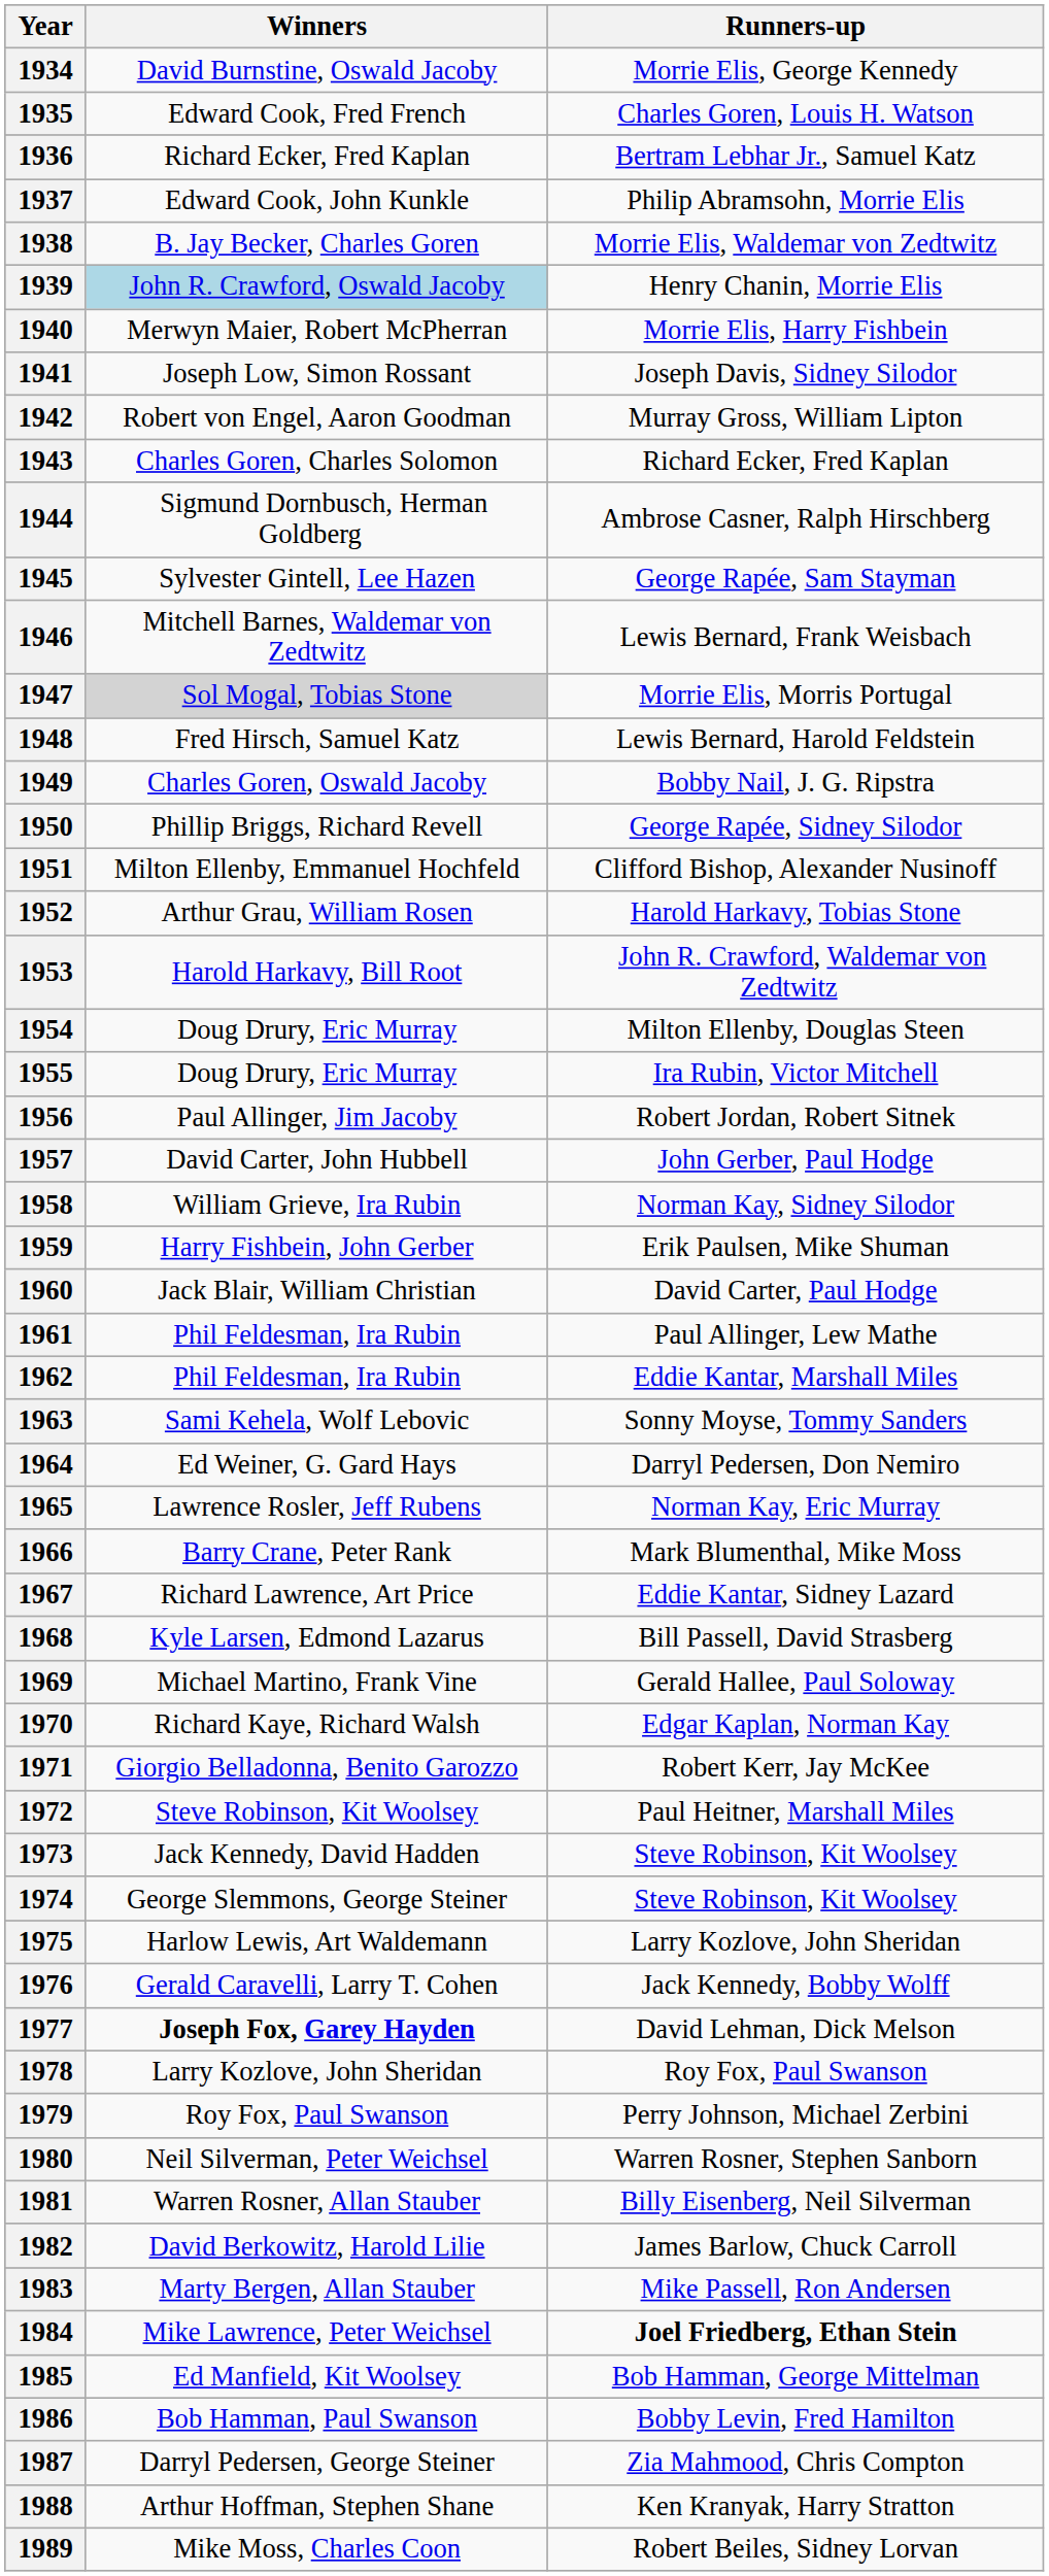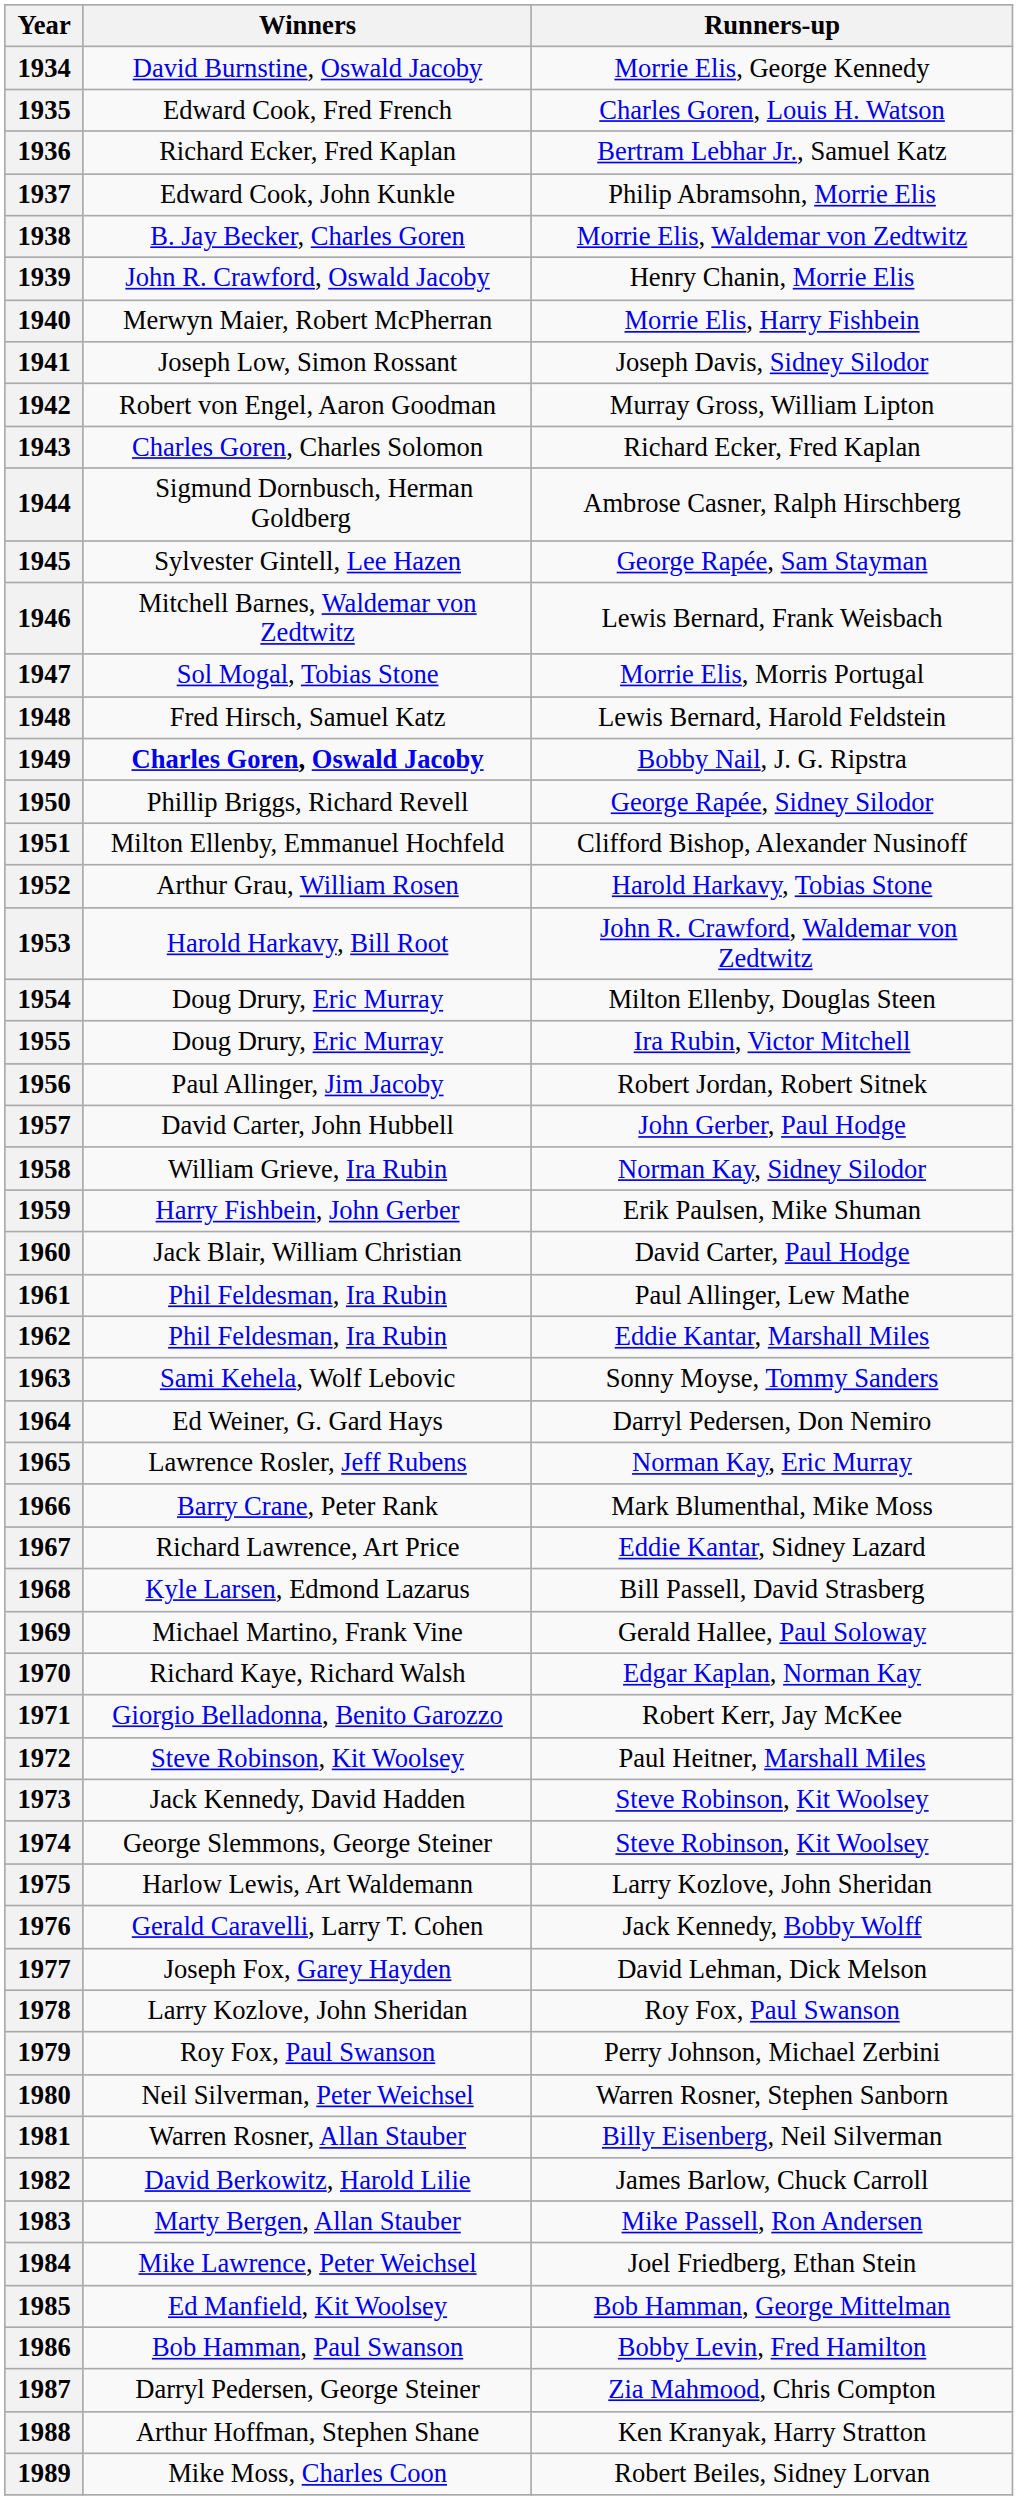 <table class="sortable wikitable" style="text-align:center">
 <tr>
 <th>Year</th>
 <th>Winners</th>
 <th>Runners-up</th>
 </tr>
 <tr>
 <th> 1934 </th>
 <td><a href='#'>David Burnstine</a>, <a href='#'>Oswald Jacoby</a></td>
 <td><a href='#'>Morrie Elis</a>, George Kennedy</td>
 </tr>
 <tr>
 <th>1935</th>
 <td>Edward Cook, Fred French</td>
 <td><a href='#'>Charles Goren</a>, <a href='#'>Louis H. Watson</a></td>
 </tr>
 <tr>
 <th>1936</th>
 <td>Richard Ecker, Fred Kaplan</td>
 <td><a href='#'>Bertram Lebhar Jr.</a>, Samuel Katz</td>
 </tr>
 <tr>
 <th>1937</th>
 <td>Edward Cook, John Kunkle</td>
 <td>Philip Abramsohn, <a href='#'>Morrie Elis</a></td>
 </tr>
 <tr>
 <th>1938</th>
 <td><a href='#'>B. Jay Becker</a>, <a href='#'>Charles Goren</a></td>
 <td><a href='#'>Morrie Elis</a>, <a href='#'>Waldemar von Zedtwitz</a></td>
 </tr>
 <tr>
 <th>1939</th>
-<td style="background: lightblue;"><a href='#'>John R. Crawford</a>, <a href='#'>Oswald Jacoby</a></td>
+<td><a href='#'>John R. Crawford</a>, <a href='#'>Oswald Jacoby</a></td>
 <td>Henry Chanin, <a href='#'>Morrie Elis</a></td>
 </tr>
 <tr>
 <th>1940</th>
 <td>Merwyn Maier, Robert McPherran</td>
 <td><a href='#'>Morrie Elis</a>, <a href='#'>Harry Fishbein</a></td>
 </tr>
 <tr>
 <th>1941</th>
 <td>Joseph Low, Simon Rossant</td>
 <td>Joseph Davis, <a href='#'>Sidney Silodor</a></td>
 </tr>
 <tr>
 <th>1942</th>
 <td>Robert von Engel, Aaron Goodman</td>
 <td>Murray Gross, William Lipton</td>
 </tr>
 <tr>
 <th>1943</th>
 <td><a href='#'>Charles Goren</a>, Charles Solomon</td>
 <td>Richard Ecker, Fred Kaplan</td>
 </tr>
 <tr>
 <th>1944</th>
 <td>  Sigmund Dornbusch, Herman Goldberg  </td>
 <td>Ambrose Casner, Ralph Hirschberg</td>
 </tr>
 <tr>
 <th>1945</th>
 <td>Sylvester Gintell, <a href='#'>Lee Hazen</a></td>
 <td><a href='#'>George Rapée</a>, <a href='#'>Sam Stayman</a></td>
 </tr>
 <tr>
 <th>1946</th>
 <td>Mitchell Barnes, <a href='#'>Waldemar von Zedtwitz</a></td>
 <td>Lewis Bernard, Frank Weisbach</td>
 </tr>
 <tr>
 <th>1947</th>
-<td style="background: lightgrey;"><a href='#'>Sol Mogal</a>, <a href='#'>Tobias Stone</a></td>
+<td><a href='#'>Sol Mogal</a>, <a href='#'>Tobias Stone</a></td>
 <td><a href='#'>Morrie Elis</a>, Morris Portugal</td>
 </tr>
 <tr>
 <th>1948</th>
 <td>Fred Hirsch, Samuel Katz</td>
 <td>Lewis Bernard, Harold Feldstein</td>
 </tr>
 <tr>
 <th>1949</th>
-<td><a href='#'>Charles Goren</a>, <a href='#'>Oswald Jacoby</a></td>
+<td><strong><a href='#'>Charles Goren</a>, <a href='#'>Oswald Jacoby</a></strong></td>
 <td><a href='#'>Bobby Nail</a>, J. G. Ripstra</td>
 </tr>
 <tr>
 <th>1950</th>
 <td>Phillip Briggs, Richard Revell</td>
 <td><a href='#'>George Rapée</a>, <a href='#'>Sidney Silodor</a></td>
 </tr>
 <tr>
 <th>1951</th>
 <td>Milton Ellenby, Emmanuel Hochfeld</td>
 <td>Clifford Bishop, Alexander Nusinoff</td>
 </tr>
 <tr>
 <th>1952</th>
 <td>Arthur Grau, <a href='#'>William Rosen</a></td>
 <td><a href='#'>Harold Harkavy</a>, <a href='#'>Tobias Stone</a></td>
 </tr>
 <tr>
 <th>1953</th>
 <td><a href='#'>Harold Harkavy</a>, <a href='#'>Bill Root</a></td>
 <td>  <a href='#'>John R. Crawford</a>, <a href='#'>Waldemar von Zedtwitz</a>  </td>
 </tr>
 <tr>
 <th>1954</th>
 <td>Doug Drury, <a href='#'>Eric Murray</a></td>
 <td>Milton Ellenby, Douglas Steen</td>
 </tr>
 <tr>
 <th>1955</th>
 <td>Doug Drury, <a href='#'>Eric Murray</a></td>
 <td><a href='#'>Ira Rubin</a>, <a href='#'>Victor Mitchell</a></td>
 </tr>
 <tr>
 <th>1956</th>
 <td>Paul Allinger, <a href='#'>Jim Jacoby</a></td>
 <td>Robert Jordan, Robert Sitnek</td>
 </tr>
 <tr>
 <th>1957</th>
 <td>David Carter, John Hubbell</td>
 <td><a href='#'>John Gerber</a>, <a href='#'>Paul Hodge</a></td>
 </tr>
 <tr>
 <th>1958</th>
 <td>William Grieve, <a href='#'>Ira Rubin</a></td>
 <td><a href='#'>Norman Kay</a>, <a href='#'>Sidney Silodor</a></td>
 </tr>
 <tr>
 <th>1959</th>
 <td><a href='#'>Harry Fishbein</a>, <a href='#'>John Gerber</a></td>
 <td>Erik Paulsen, Mike Shuman</td>
 </tr>
 <tr>
 <th>1960</th>
 <td>Jack Blair, William Christian</td>
 <td>David Carter, <a href='#'>Paul Hodge</a></td>
 </tr>
 <tr>
 <th>1961</th>
 <td><a href='#'>Phil Feldesman</a>, <a href='#'>Ira Rubin</a></td>
 <td>Paul Allinger, Lew Mathe</td>
 </tr>
 <tr>
 <th>1962</th>
 <td><a href='#'>Phil Feldesman</a>, <a href='#'>Ira Rubin</a></td>
 <td><a href='#'>Eddie Kantar</a>, <a href='#'>Marshall Miles</a></td>
 </tr>
 <tr>
 <th>1963</th>
 <td><a href='#'>Sami Kehela</a>, Wolf Lebovic</td>
 <td>Sonny Moyse, <a href='#'>Tommy Sanders</a></td>
 </tr>
 <tr>
 <th>1964</th>
 <td>Ed Weiner, G. Gard Hays</td>
 <td>Darryl Pedersen, Don Nemiro</td>
 </tr>
 <tr>
 <th>1965</th>
 <td>Lawrence Rosler, <a href='#'>Jeff Rubens</a></td>
 <td><a href='#'>Norman Kay</a>, <a href='#'>Eric Murray</a></td>
 </tr>
 <tr>
 <th>1966</th>
 <td><a href='#'>Barry Crane</a>, Peter Rank</td>
 <td>Mark Blumenthal, Mike Moss</td>
 </tr>
 <tr>
 <th>1967</th>
 <td>Richard Lawrence, Art Price</td>
 <td><a href='#'>Eddie Kantar</a>, Sidney Lazard</td>
 </tr>
 <tr>
 <th>1968</th>
 <td><a href='#'>Kyle Larsen</a>, Edmond Lazarus</td>
 <td>Bill Passell, David Strasberg</td>
 </tr>
 <tr>
 <th>1969</th>
 <td>Michael Martino, Frank Vine</td>
 <td>Gerald Hallee, <a href='#'>Paul Soloway</a></td>
 </tr>
 <tr>
 <th>1970</th>
 <td>Richard Kaye, Richard Walsh</td>
 <td><a href='#'>Edgar Kaplan</a>, <a href='#'>Norman Kay</a></td>
 </tr>
 <tr>
 <th>1971</th>
 <td><a href='#'>Giorgio Belladonna</a>, <a href='#'>Benito Garozzo</a></td>
 <td>Robert Kerr, Jay McKee</td>
 </tr>
 <tr>
 <th>1972</th>
 <td><a href='#'>Steve Robinson</a>, <a href='#'>Kit Woolsey</a></td>
 <td>Paul Heitner, <a href='#'>Marshall Miles</a></td>
 </tr>
 <tr>
 <th>1973</th>
 <td>Jack Kennedy, David Hadden</td>
 <td><a href='#'>Steve Robinson</a>, <a href='#'>Kit Woolsey</a></td>
 </tr>
 <tr>
 <th>1974</th>
 <td>George Slemmons, George Steiner</td>
 <td><a href='#'>Steve Robinson</a>, <a href='#'>Kit Woolsey</a></td>
 </tr>
 <tr>
 <th>1975</th>
 <td>Harlow Lewis, Art Waldemann</td>
 <td>Larry Kozlove, John Sheridan</td>
 </tr>
 <tr>
 <th>1976</th>
 <td><a href='#'>Gerald Caravelli</a>, Larry T. Cohen</td>
 <td>Jack Kennedy, <a href='#'>Bobby Wolff</a></td>
 </tr>
 <tr>
 <th>1977</th>
-<td><strong>Joseph Fox, <a href='#'>Garey Hayden</a></strong></td>
+<td>Joseph Fox, <a href='#'>Garey Hayden</a></td>
 <td>David Lehman, Dick Melson</td>
 </tr>
 <tr>
 <th>1978</th>
 <td>Larry Kozlove, John Sheridan</td>
 <td>Roy Fox, <a href='#'>Paul Swanson</a></td>
 </tr>
 <tr>
 <th>1979</th>
 <td>Roy Fox, <a href='#'>Paul Swanson</a></td>
 <td>Perry Johnson, Michael Zerbini</td>
 </tr>
 <tr>
 <th>1980</th>
 <td>Neil Silverman, <a href='#'>Peter Weichsel</a></td>
 <td>Warren Rosner, Stephen Sanborn</td>
 </tr>
 <tr>
 <th>1981</th>
 <td>Warren Rosner, <a href='#'>Allan Stauber</a></td>
 <td><a href='#'>Billy Eisenberg</a>, Neil Silverman</td>
 </tr>
 <tr>
 <th>1982</th>
 <td><a href='#'>David Berkowitz</a>, <a href='#'>Harold Lilie</a></td>
 <td>James Barlow, Chuck Carroll</td>
 </tr>
 <tr>
 <th>1983</th>
 <td><a href='#'>Marty Bergen</a>, <a href='#'>Allan Stauber</a></td>
 <td><a href='#'>Mike Passell</a>, <a href='#'>Ron Andersen</a></td>
 </tr>
 <tr>
 <th>1984</th>
 <td><a href='#'>Mike Lawrence</a>, <a href='#'>Peter Weichsel</a></td>
-<td><strong>Joel Friedberg, Ethan Stein</strong></td>
+<td>Joel Friedberg, Ethan Stein</td>
 </tr>
 <tr>
 <th>1985</th>
 <td><a href='#'>Ed Manfield</a>, <a href='#'>Kit Woolsey</a></td>
 <td><a href='#'>Bob Hamman</a>, <a href='#'>George Mittelman</a></td>
 </tr>
 <tr>
 <th>1986</th>
 <td><a href='#'>Bob Hamman</a>, <a href='#'>Paul Swanson</a></td>
 <td><a href='#'>Bobby Levin</a>, <a href='#'>Fred Hamilton</a></td>
 </tr>
 <tr>
 <th>1987</th>
 <td>Darryl Pedersen, George Steiner</td>
 <td><a href='#'>Zia Mahmood</a>, Chris Compton</td>
 </tr>
 <tr>
 <th>1988</th>
 <td>Arthur Hoffman, Stephen Shane</td>
 <td>Ken Kranyak, Harry Stratton</td>
 </tr>
 <tr>
 <th>1989</th>
 <td>Mike Moss, <a href='#'>Charles Coon</a></td>
 <td>Robert Beiles, Sidney Lorvan</td>
 </tr>
 </table>
